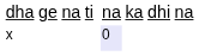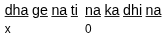 <table>
 <tr>
 <td><u>dha</u></td>
 <td><u>ge</u></td>
 <td><u>na</u></td>
 <td><u>ti</u></td>
 <td></td>
 <td><u>na</u></td>
 <td><u>ka</u></td>
 <td><u>dhi</u></td>
 <td><u>na</u></td>
 <td></td>
 </tr>
 <tr>
 <td><sup>x</sup></td>
 <td></td>
 <td></td>
 <td></td>
 <td></td>
-<td style="background: lavender;"><sup>0</sup></td>
+<td><sup>0</sup></td>
 <td></td>
 <td></td>
 <td></td>
 <td></td>
 </tr>
 </table>
